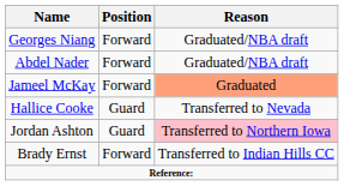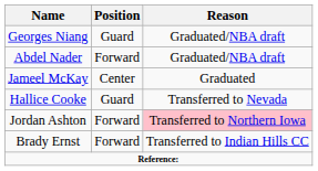 <table class="wikitable" style="text-align: center">
 <tr align=center>
 <th>Name</th>
 <th>Position</th>
 <th>Reason</th>
 </tr>
 <tr>
 <td><a href='#'>Georges Niang</a></td>
-<td>Forward</td>
+<td>Guard</td>
 <td>Graduated/<a href='#'>NBA draft</a></td>
 </tr>
 <tr>
 <td><a href='#'>Abdel Nader</a></td>
 <td>Forward</td>
 <td>Graduated/<a href='#'>NBA draft</a></td>
 </tr>
 <tr>
 <td><a href='#'>Jameel McKay</a></td>
-<td>Forward</td>
-<td style="background: lightsalmon;">Graduated</td>
+<td>Center</td>
+<td>Graduated</td>
 </tr>
 <tr>
 <td><a href='#'>Hallice Cooke</a></td>
 <td>Guard</td>
 <td>Transferred to <a href='#'>Nevada</a></td>
 </tr>
 <tr>
 <td>Jordan Ashton</td>
-<td>Guard</td>
+<td>Forward</td>
 <td style="background: pink;">Transferred to <a href='#'>Northern Iowa</a></td>
 </tr>
 <tr>
 <td>Brady Ernst</td>
 <td>Forward</td>
 <td>Transferred to <a href='#'>Indian Hills CC</a></td>
 </tr>
 <tr>
 <td colspan="6"  style="font-size:8pt; text-align:center;"><strong>Reference:</strong></td>
 </tr>
 </table>
